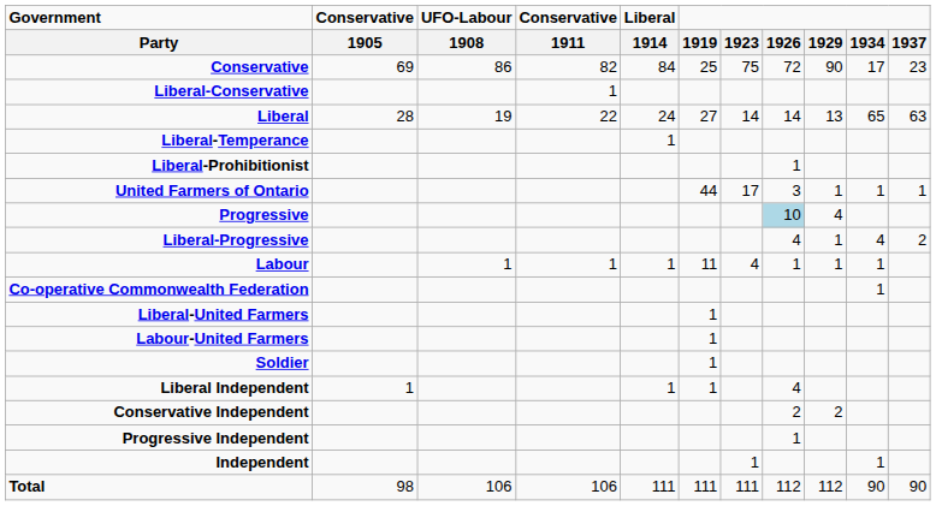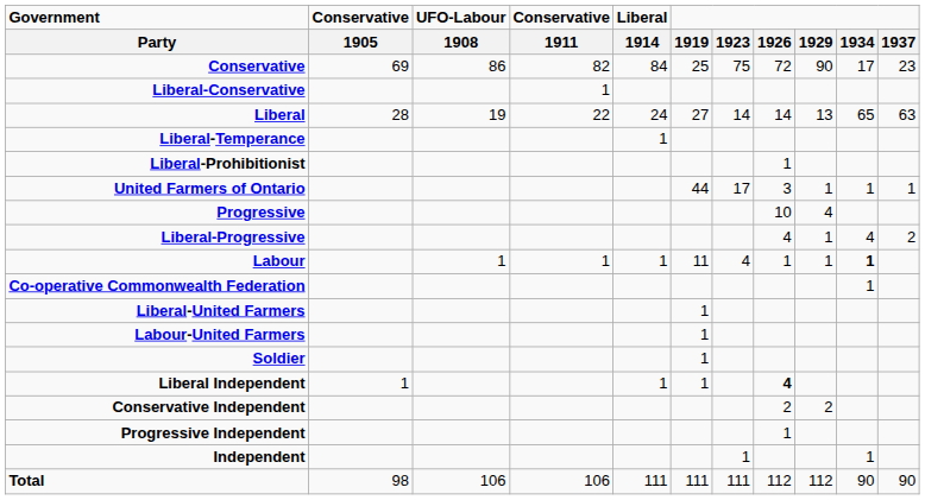 <table class="wikitable">
 <tr>
 <td><strong>Government</strong></td>
 <td><strong>Conservative</strong></td>
 <td><strong>UFO-Labour</strong></td>
 <td><strong>Conservative</strong></td>
 <td><strong>Liberal</strong></td>
 </tr>
 <tr>
 <th>Party</th>
 <th>1905</th>
 <th>1908</th>
 <th>1911</th>
 <th>1914</th>
 <th>1919</th>
 <th>1923</th>
 <th>1926</th>
 <th>1929</th>
 <th>1934</th>
 <th>1937</th>
 </tr>
 <tr align = "right">
 <td><strong><a href='#'>Conservative</a></strong></td>
 <td>69</td>
 <td>86</td>
 <td>82</td>
 <td>84</td>
 <td>25</td>
 <td>75</td>
 <td>72</td>
 <td>90</td>
 <td>17</td>
 <td>23</td>
 </tr>
 <tr align = "right">
 <td><strong><a href='#'>Liberal-Conservative</a></strong></td>
 <td></td>
 <td></td>
 <td>1</td>
 <td></td>
 <td></td>
 <td></td>
 <td></td>
 <td></td>
 <td></td>
 <td></td>
 </tr>
 <tr align = "right">
 <td><strong><a href='#'>Liberal</a></strong></td>
 <td>28</td>
 <td>19</td>
 <td>22</td>
 <td>24</td>
 <td>27</td>
 <td>14</td>
 <td>14</td>
 <td>13</td>
 <td>65</td>
 <td>63</td>
 </tr>
 <tr align = "right">
 <td><strong><a href='#'>Liberal</a>-<a href='#'>Temperance</a></strong></td>
 <td></td>
 <td></td>
 <td></td>
 <td>1</td>
 <td></td>
 <td></td>
 <td></td>
 <td></td>
 <td></td>
 <td></td>
 </tr>
 <tr align = "right">
 <td><strong><a href='#'>Liberal</a>-Prohibitionist</strong></td>
 <td></td>
 <td></td>
 <td></td>
 <td></td>
 <td></td>
 <td></td>
 <td>1</td>
 <td></td>
 <td></td>
 <td></td>
 </tr>
 <tr align = "right">
 <td><strong><a href='#'>United Farmers of Ontario</a></strong></td>
 <td></td>
 <td></td>
 <td></td>
 <td></td>
 <td>44</td>
 <td>17</td>
 <td>3</td>
 <td>1</td>
 <td>1</td>
 <td>1</td>
 </tr>
 <tr align = "right">
 <td><strong><a href='#'>Progressive</a></strong></td>
 <td></td>
 <td></td>
 <td></td>
 <td></td>
 <td></td>
 <td></td>
-<td style="background: lightblue;">10</td>
+<td>10</td>
 <td>4</td>
 <td></td>
 <td></td>
 </tr>
 <tr align = "right">
 <td><strong><a href='#'>Liberal-Progressive</a></strong></td>
 <td></td>
 <td></td>
 <td></td>
 <td></td>
 <td></td>
 <td></td>
 <td>4</td>
 <td>1</td>
 <td>4</td>
 <td>2</td>
 </tr>
 <tr align = "right">
 <td><strong><a href='#'>Labour</a></strong></td>
 <td></td>
 <td>1</td>
 <td>1</td>
 <td>1</td>
 <td>11</td>
 <td>4</td>
 <td>1</td>
 <td>1</td>
-<td>1</td>
+<td><strong>1</strong></td>
 <td></td>
 </tr>
 <tr align = "right">
 <td><strong><a href='#'>Co-operative Commonwealth Federation</a></strong></td>
 <td></td>
 <td></td>
 <td></td>
 <td></td>
 <td></td>
 <td></td>
 <td></td>
 <td></td>
 <td>1</td>
 <td></td>
 </tr>
 <tr align = "right">
 <td><strong><a href='#'>Liberal</a>-<a href='#'>United Farmers</a></strong></td>
 <td></td>
 <td></td>
 <td></td>
 <td></td>
 <td>1</td>
 <td></td>
 <td></td>
 <td></td>
 <td></td>
 <td></td>
 </tr>
 <tr align = "right">
 <td><strong><a href='#'>Labour</a>-<a href='#'>United Farmers</a></strong></td>
 <td></td>
 <td></td>
 <td></td>
 <td></td>
 <td>1</td>
 <td></td>
 <td></td>
 <td></td>
 <td></td>
 <td></td>
 </tr>
 <tr align = "right">
 <td><strong><a href='#'>Soldier</a></strong></td>
 <td></td>
 <td></td>
 <td></td>
 <td></td>
 <td>1</td>
 <td></td>
 <td></td>
 <td></td>
 <td></td>
 <td></td>
 </tr>
 <tr align = "right">
 <td><strong>Liberal Independent</strong></td>
 <td>1</td>
 <td></td>
 <td></td>
 <td>1</td>
 <td>1</td>
 <td></td>
-<td>4</td>
+<td><strong>4</strong></td>
 <td></td>
 <td></td>
 <td></td>
 </tr>
 <tr align = "right">
 <td><strong>Conservative Independent</strong></td>
 <td></td>
 <td></td>
 <td></td>
 <td></td>
 <td></td>
 <td></td>
 <td>2</td>
 <td>2</td>
 <td></td>
 <td></td>
 </tr>
 <tr align = "right">
 <td><strong>Progressive Independent</strong></td>
 <td></td>
 <td></td>
 <td></td>
 <td></td>
 <td></td>
 <td></td>
 <td>1</td>
 <td></td>
 <td></td>
 <td></td>
 </tr>
 <tr align = "right">
 <td><strong>Independent</strong></td>
 <td></td>
 <td></td>
 <td></td>
 <td></td>
 <td></td>
 <td>1</td>
 <td></td>
 <td></td>
 <td>1</td>
 <td></td>
 </tr>
 <tr align = "right">
 <td align="left"><strong>Total</strong></td>
 <td>98</td>
 <td>106</td>
 <td>106</td>
 <td>111</td>
 <td>111</td>
 <td>111</td>
 <td>112</td>
 <td>112</td>
 <td>90</td>
 <td>90</td>
 </tr>
 </table>
